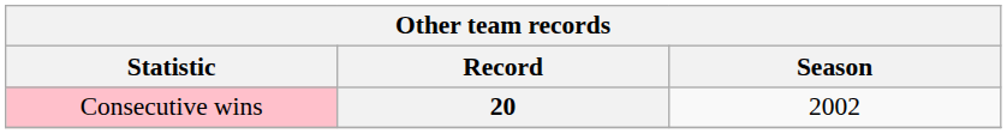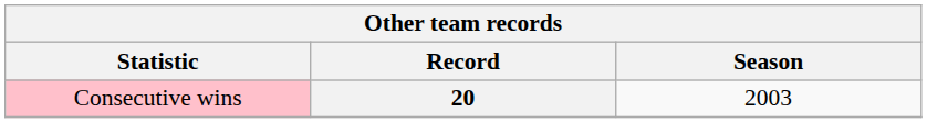 <table class="wikitable" style="text-align:center" width="70%">
 <tr>
 <th colspan=3>Other team records</th>
 </tr>
 <tr>
 <th scope="col" width=20%>Statistic</th>
 <th scope="col" class="unsortable" width=20%>Record</th>
 <th scope="col" width=20%>Season</th>
 </tr>
 <tr>
 <td style="background: pink;">Consecutive wins</td>
 <th scope="row">20</th>
-<td>2002</td>
+<td>2003</td>
 </tr>
 <tr>
 </tr>
 </table>
